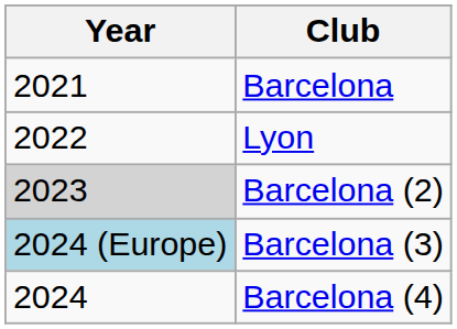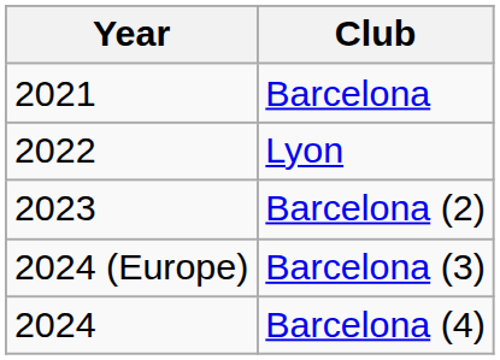 <table class="wikitable">
 <tr>
 <th>Year</th>
 <th>Club</th>
 </tr>
 <tr>
 <td>2021</td>
 <td> <a href='#'>Barcelona</a></td>
 </tr>
 <tr>
 <td>2022</td>
 <td> <a href='#'>Lyon</a></td>
 </tr>
 <tr>
-<td style="background: lightgrey;">2023</td>
+<td>2023</td>
 <td> <a href='#'>Barcelona</a> (2)</td>
 </tr>
 <tr>
-<td style="background: lightblue;">2024 (Europe)</td>
+<td>2024 (Europe)</td>
 <td> <a href='#'>Barcelona</a> (3)</td>
 </tr>
 <tr>
 <td>2024</td>
 <td> <a href='#'>Barcelona</a> (4)</td>
 </tr>
 </table>
